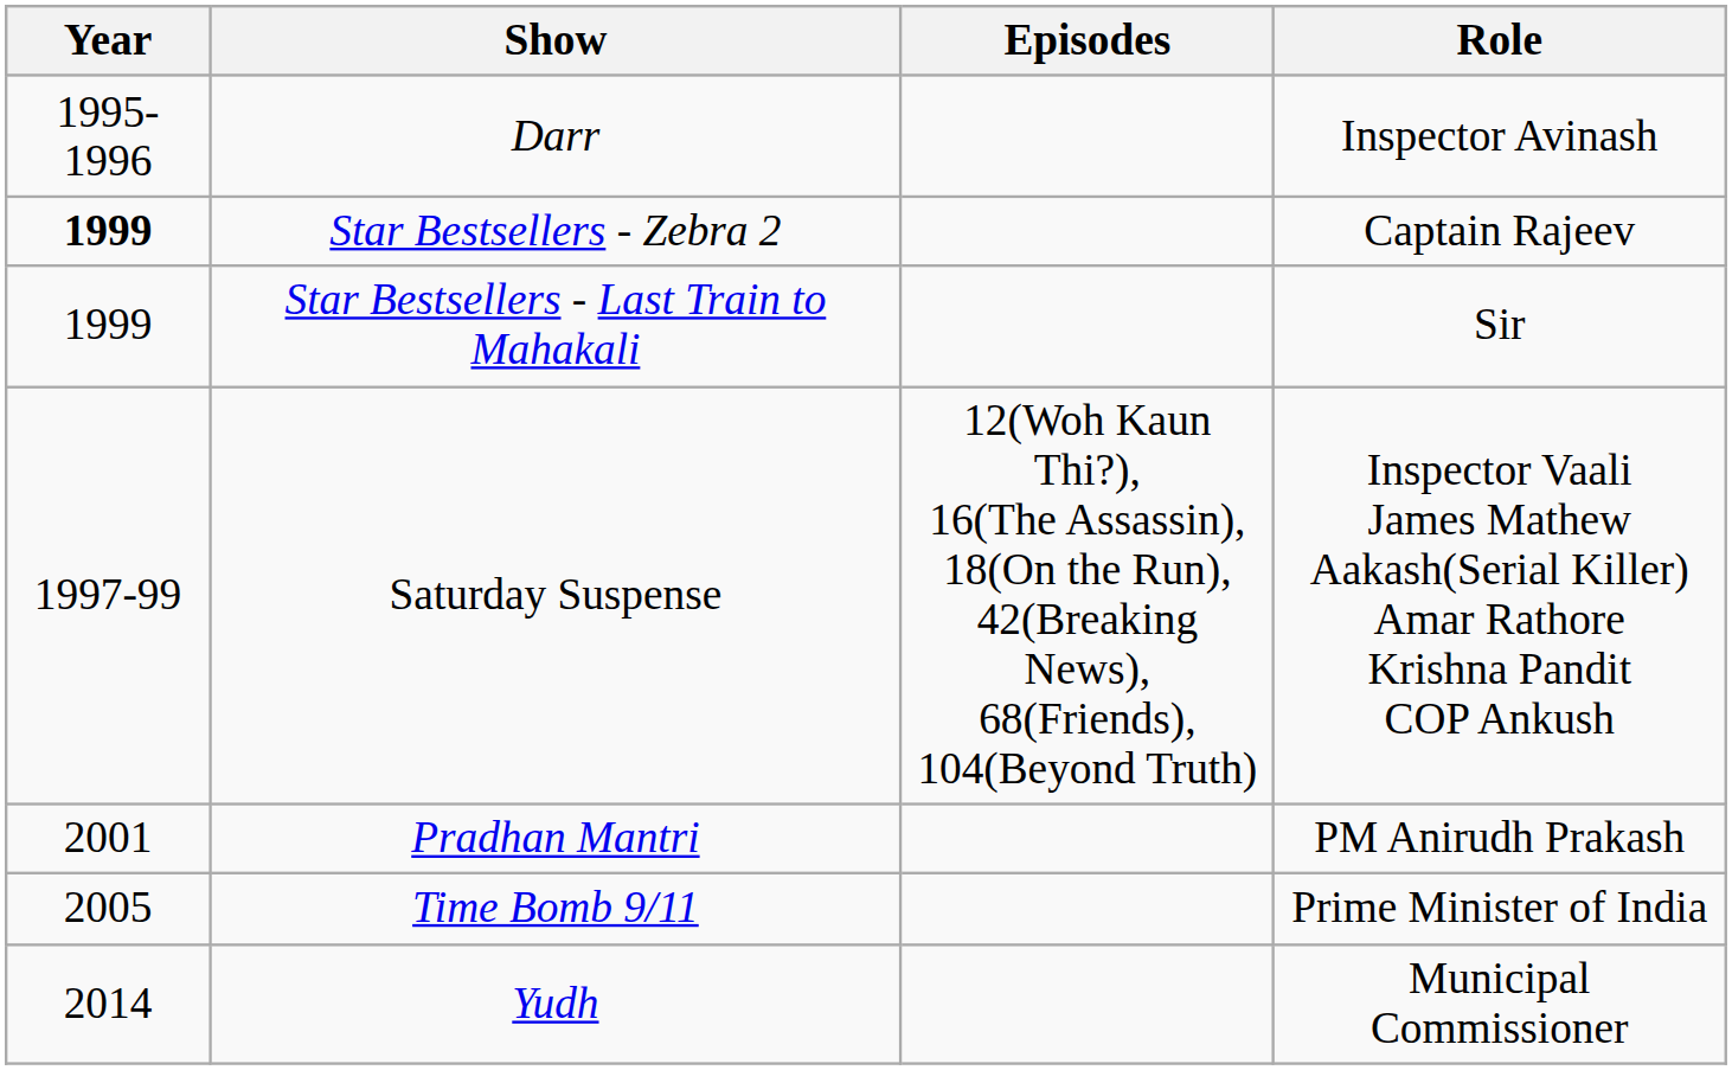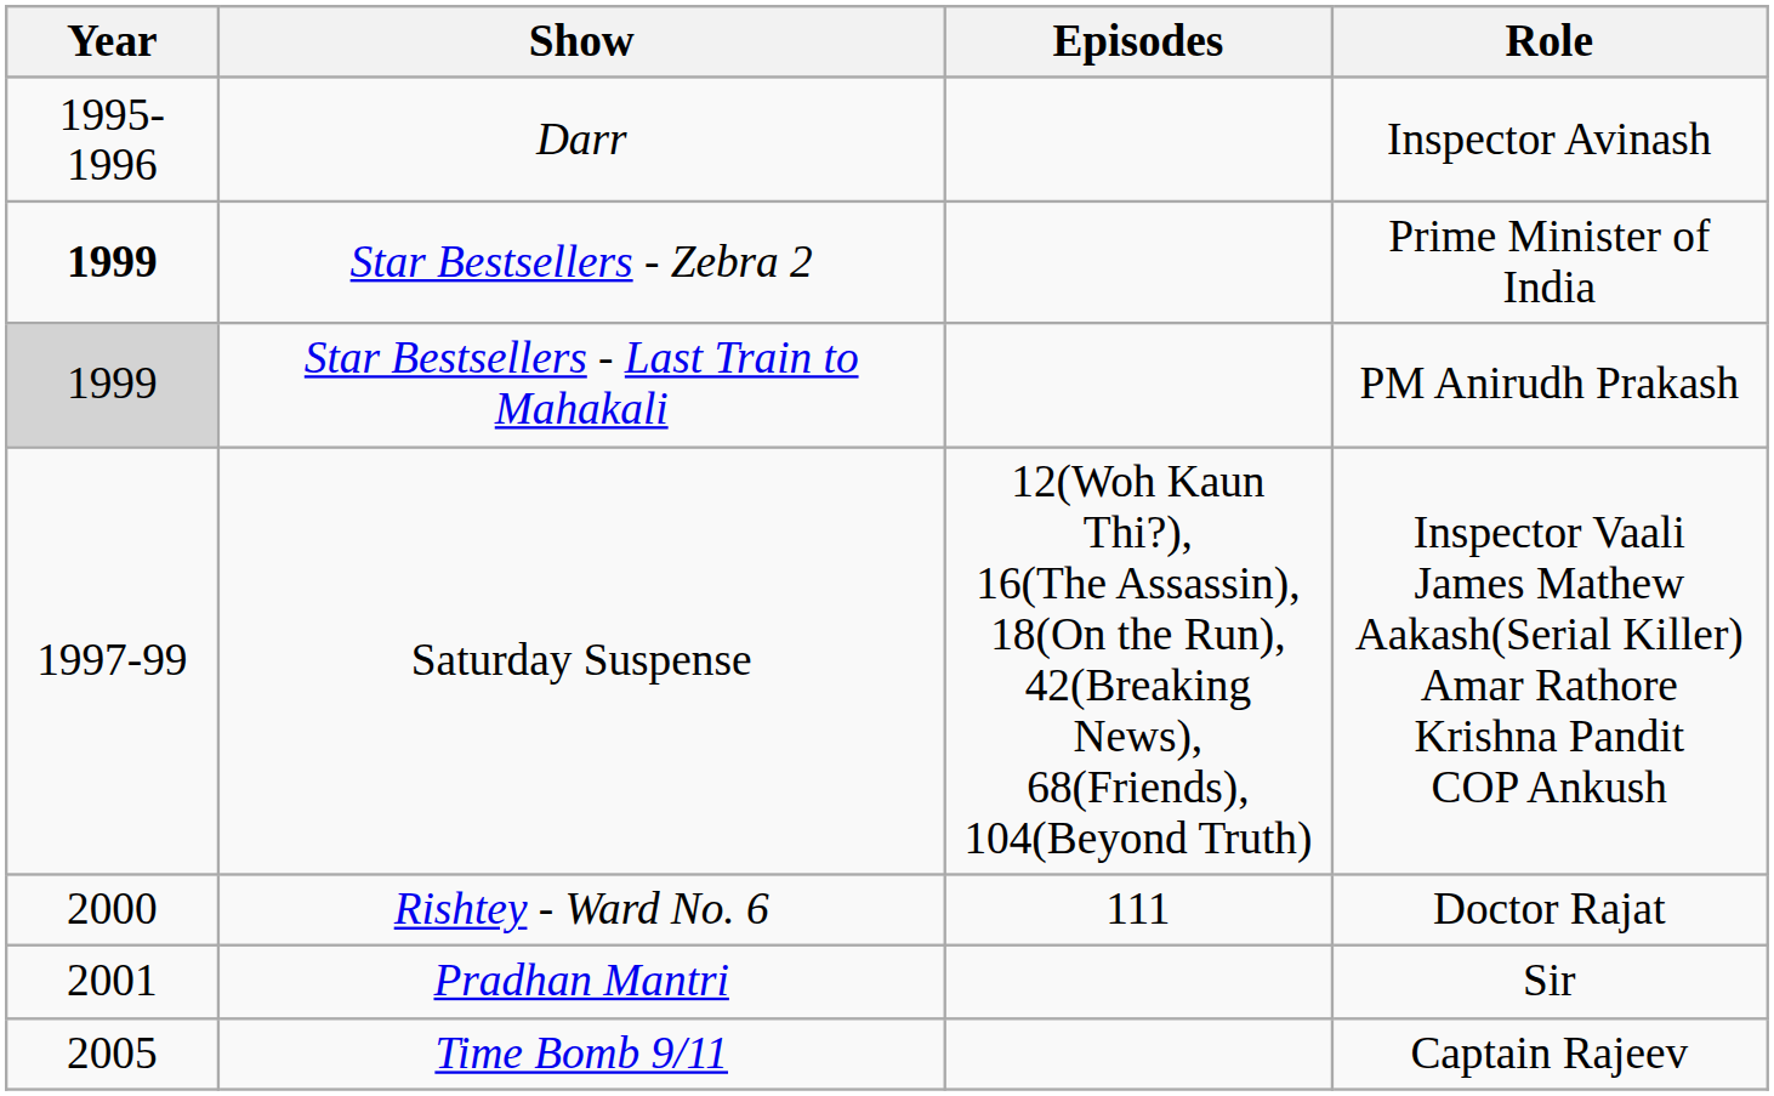 <table class="wikitable sortable" style="width: 100%; text-align: center;">
 <tr style="background:#ccc; text-align:center;">
 <th>Year</th>
 <th>Show</th>
 <th>Episodes</th>
 <th>Role</th>
 </tr>
 <tr>
 <td>1995-1996</td>
 <td><em>Darr</em></td>
 <td></td>
 <td>Inspector Avinash</td>
 </tr>
 <tr>
 <td><strong>1999</strong></td>
 <td><em><a href='#'>Star Bestsellers</a></em> - <em>Zebra 2</em></td>
 <td></td>
-<td>Captain Rajeev</td>
+<td>Prime Minister of India</td>
 </tr>
 <tr>
-<td>1999</td>
+<td style="background: lightgrey;">1999</td>
 <td><em><a href='#'>Star Bestsellers</a></em> - <em><a href='#'>Last Train to Mahakali</a></em></td>
 <td></td>
-<td>Sir</td>
+<td>PM Anirudh Prakash</td>
 </tr>
 <tr>
 <td>1997-99</td>
 <td>Saturday Suspense</td>
 <td>12(Woh Kaun Thi?),<br>16(The Assassin),<br>18(On the Run),<br>42(Breaking News),<br>68(Friends),<br>104(Beyond Truth)</td>
 <td>Inspector Vaali<br>James Mathew<br>Aakash(Serial Killer)<br>Amar Rathore<br>Krishna Pandit<br>COP Ankush</td>
 </tr>
 <tr>
+<td>2000</td>
+<td><em><a href='#'>Rishtey</a></em> - <em> Ward No. 6</em></td>
+<td>111</td>
+<td>Doctor Rajat</td>
+</tr>
+<tr>
 <td>2001</td>
 <td><em><a href='#'>Pradhan Mantri</a></em></td>
 <td></td>
-<td>PM Anirudh Prakash</td>
+<td>Sir</td>
 </tr>
 <tr>
 <td>2005</td>
 <td><em><a href='#'>Time Bomb 9/11</a></em></td>
 <td></td>
-<td>Prime Minister of India</td>
-</tr>
-<tr>
-<td>2014</td>
-<td><em><a href='#'>Yudh</a></em></td>
-<td></td>
-<td>Municipal Commissioner</td>
+<td>Captain Rajeev</td>
 </tr>
 </table>
